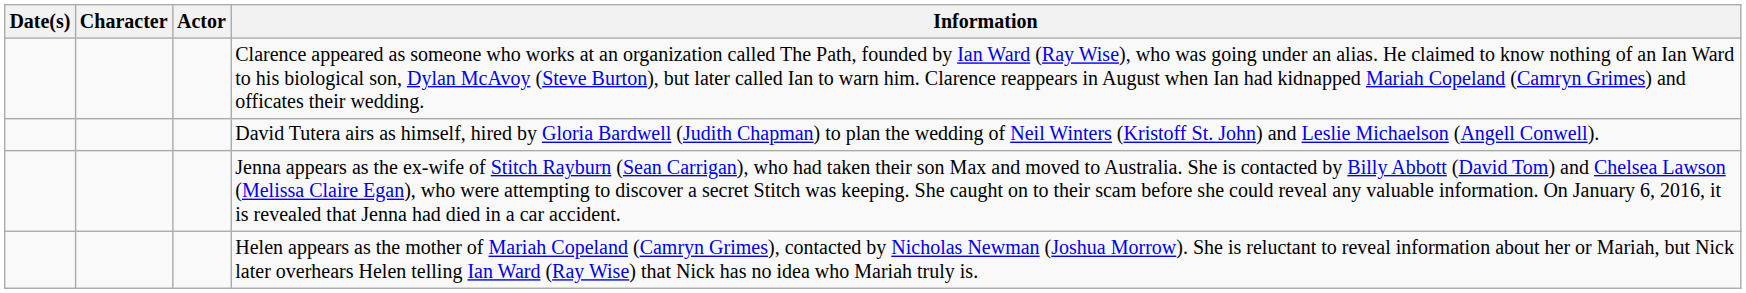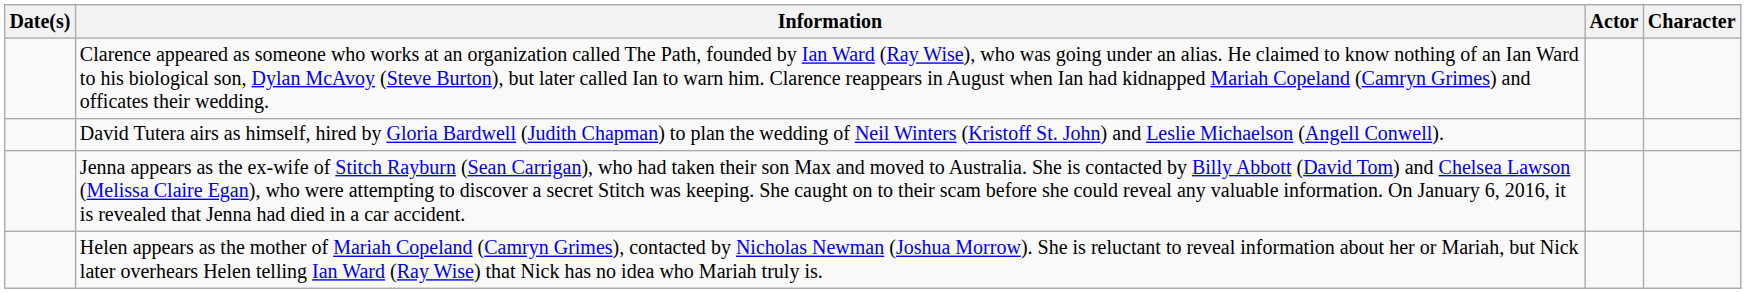 <table class="wikitable" style="font-size:90%">
 <tr>
 <th>Date(s)</th>
+<th>Information</th>
+<th>Actor</th>
 <th>Character</th>
-<th>Actor</th>
-<th>Information</th>
 </tr>
 <tr>
 <td></td>
+<td>Clarence appeared as someone who works at an organization called The Path, founded by <a href='#'>Ian Ward</a> (<a href='#'>Ray Wise</a>), who was going under an alias. He claimed to know nothing of an Ian Ward to his biological son, <a href='#'>Dylan McAvoy</a> (<a href='#'>Steve Burton</a>), but later called Ian to warn him. Clarence reappears in August when Ian had kidnapped <a href='#'>Mariah Copeland</a> (<a href='#'>Camryn Grimes</a>) and officates their wedding.</td>
 <td></td>
 <td></td>
-<td>Clarence appeared as someone who works at an organization called The Path, founded by <a href='#'>Ian Ward</a> (<a href='#'>Ray Wise</a>), who was going under an alias. He claimed to know nothing of an Ian Ward to his biological son, <a href='#'>Dylan McAvoy</a> (<a href='#'>Steve Burton</a>), but later called Ian to warn him. Clarence reappears in August when Ian had kidnapped <a href='#'>Mariah Copeland</a> (<a href='#'>Camryn Grimes</a>) and officates their wedding.</td>
 </tr>
 <tr>
 <td></td>
+<td>David Tutera airs as himself, hired by <a href='#'>Gloria Bardwell</a> (<a href='#'>Judith Chapman</a>) to plan the wedding of <a href='#'>Neil Winters</a> (<a href='#'>Kristoff St. John</a>) and <a href='#'>Leslie Michaelson</a> (<a href='#'>Angell Conwell</a>).</td>
 <td></td>
 <td></td>
-<td>David Tutera airs as himself, hired by <a href='#'>Gloria Bardwell</a> (<a href='#'>Judith Chapman</a>) to plan the wedding of <a href='#'>Neil Winters</a> (<a href='#'>Kristoff St. John</a>) and <a href='#'>Leslie Michaelson</a> (<a href='#'>Angell Conwell</a>).</td>
 </tr>
 <tr>
 <td></td>
+<td>Jenna appears as the ex-wife of <a href='#'>Stitch Rayburn</a> (<a href='#'>Sean Carrigan</a>), who had taken their son Max and moved to Australia. She is contacted by <a href='#'>Billy Abbott</a> (<a href='#'>David Tom</a>) and <a href='#'>Chelsea Lawson</a> (<a href='#'>Melissa Claire Egan</a>), who were attempting to discover a secret Stitch was keeping. She caught on to their scam before she could reveal any valuable information. On January 6, 2016, it is revealed that Jenna had died in a car accident.</td>
 <td></td>
 <td></td>
-<td>Jenna appears as the ex-wife of <a href='#'>Stitch Rayburn</a> (<a href='#'>Sean Carrigan</a>), who had taken their son Max and moved to Australia. She is contacted by <a href='#'>Billy Abbott</a> (<a href='#'>David Tom</a>) and <a href='#'>Chelsea Lawson</a> (<a href='#'>Melissa Claire Egan</a>), who were attempting to discover a secret Stitch was keeping. She caught on to their scam before she could reveal any valuable information. On January 6, 2016, it is revealed that Jenna had died in a car accident.</td>
 </tr>
 <tr>
 <td></td>
+<td>Helen appears as the mother of <a href='#'>Mariah Copeland</a> (<a href='#'>Camryn Grimes</a>), contacted by <a href='#'>Nicholas Newman</a> (<a href='#'>Joshua Morrow</a>). She is reluctant to reveal information about her or Mariah, but Nick later overhears Helen telling <a href='#'>Ian Ward</a> (<a href='#'>Ray Wise</a>) that Nick has no idea who Mariah truly is.</td>
 <td></td>
 <td></td>
-<td>Helen appears as the mother of <a href='#'>Mariah Copeland</a> (<a href='#'>Camryn Grimes</a>), contacted by <a href='#'>Nicholas Newman</a> (<a href='#'>Joshua Morrow</a>). She is reluctant to reveal information about her or Mariah, but Nick later overhears Helen telling <a href='#'>Ian Ward</a> (<a href='#'>Ray Wise</a>) that Nick has no idea who Mariah truly is.</td>
 </tr>
 </table>
